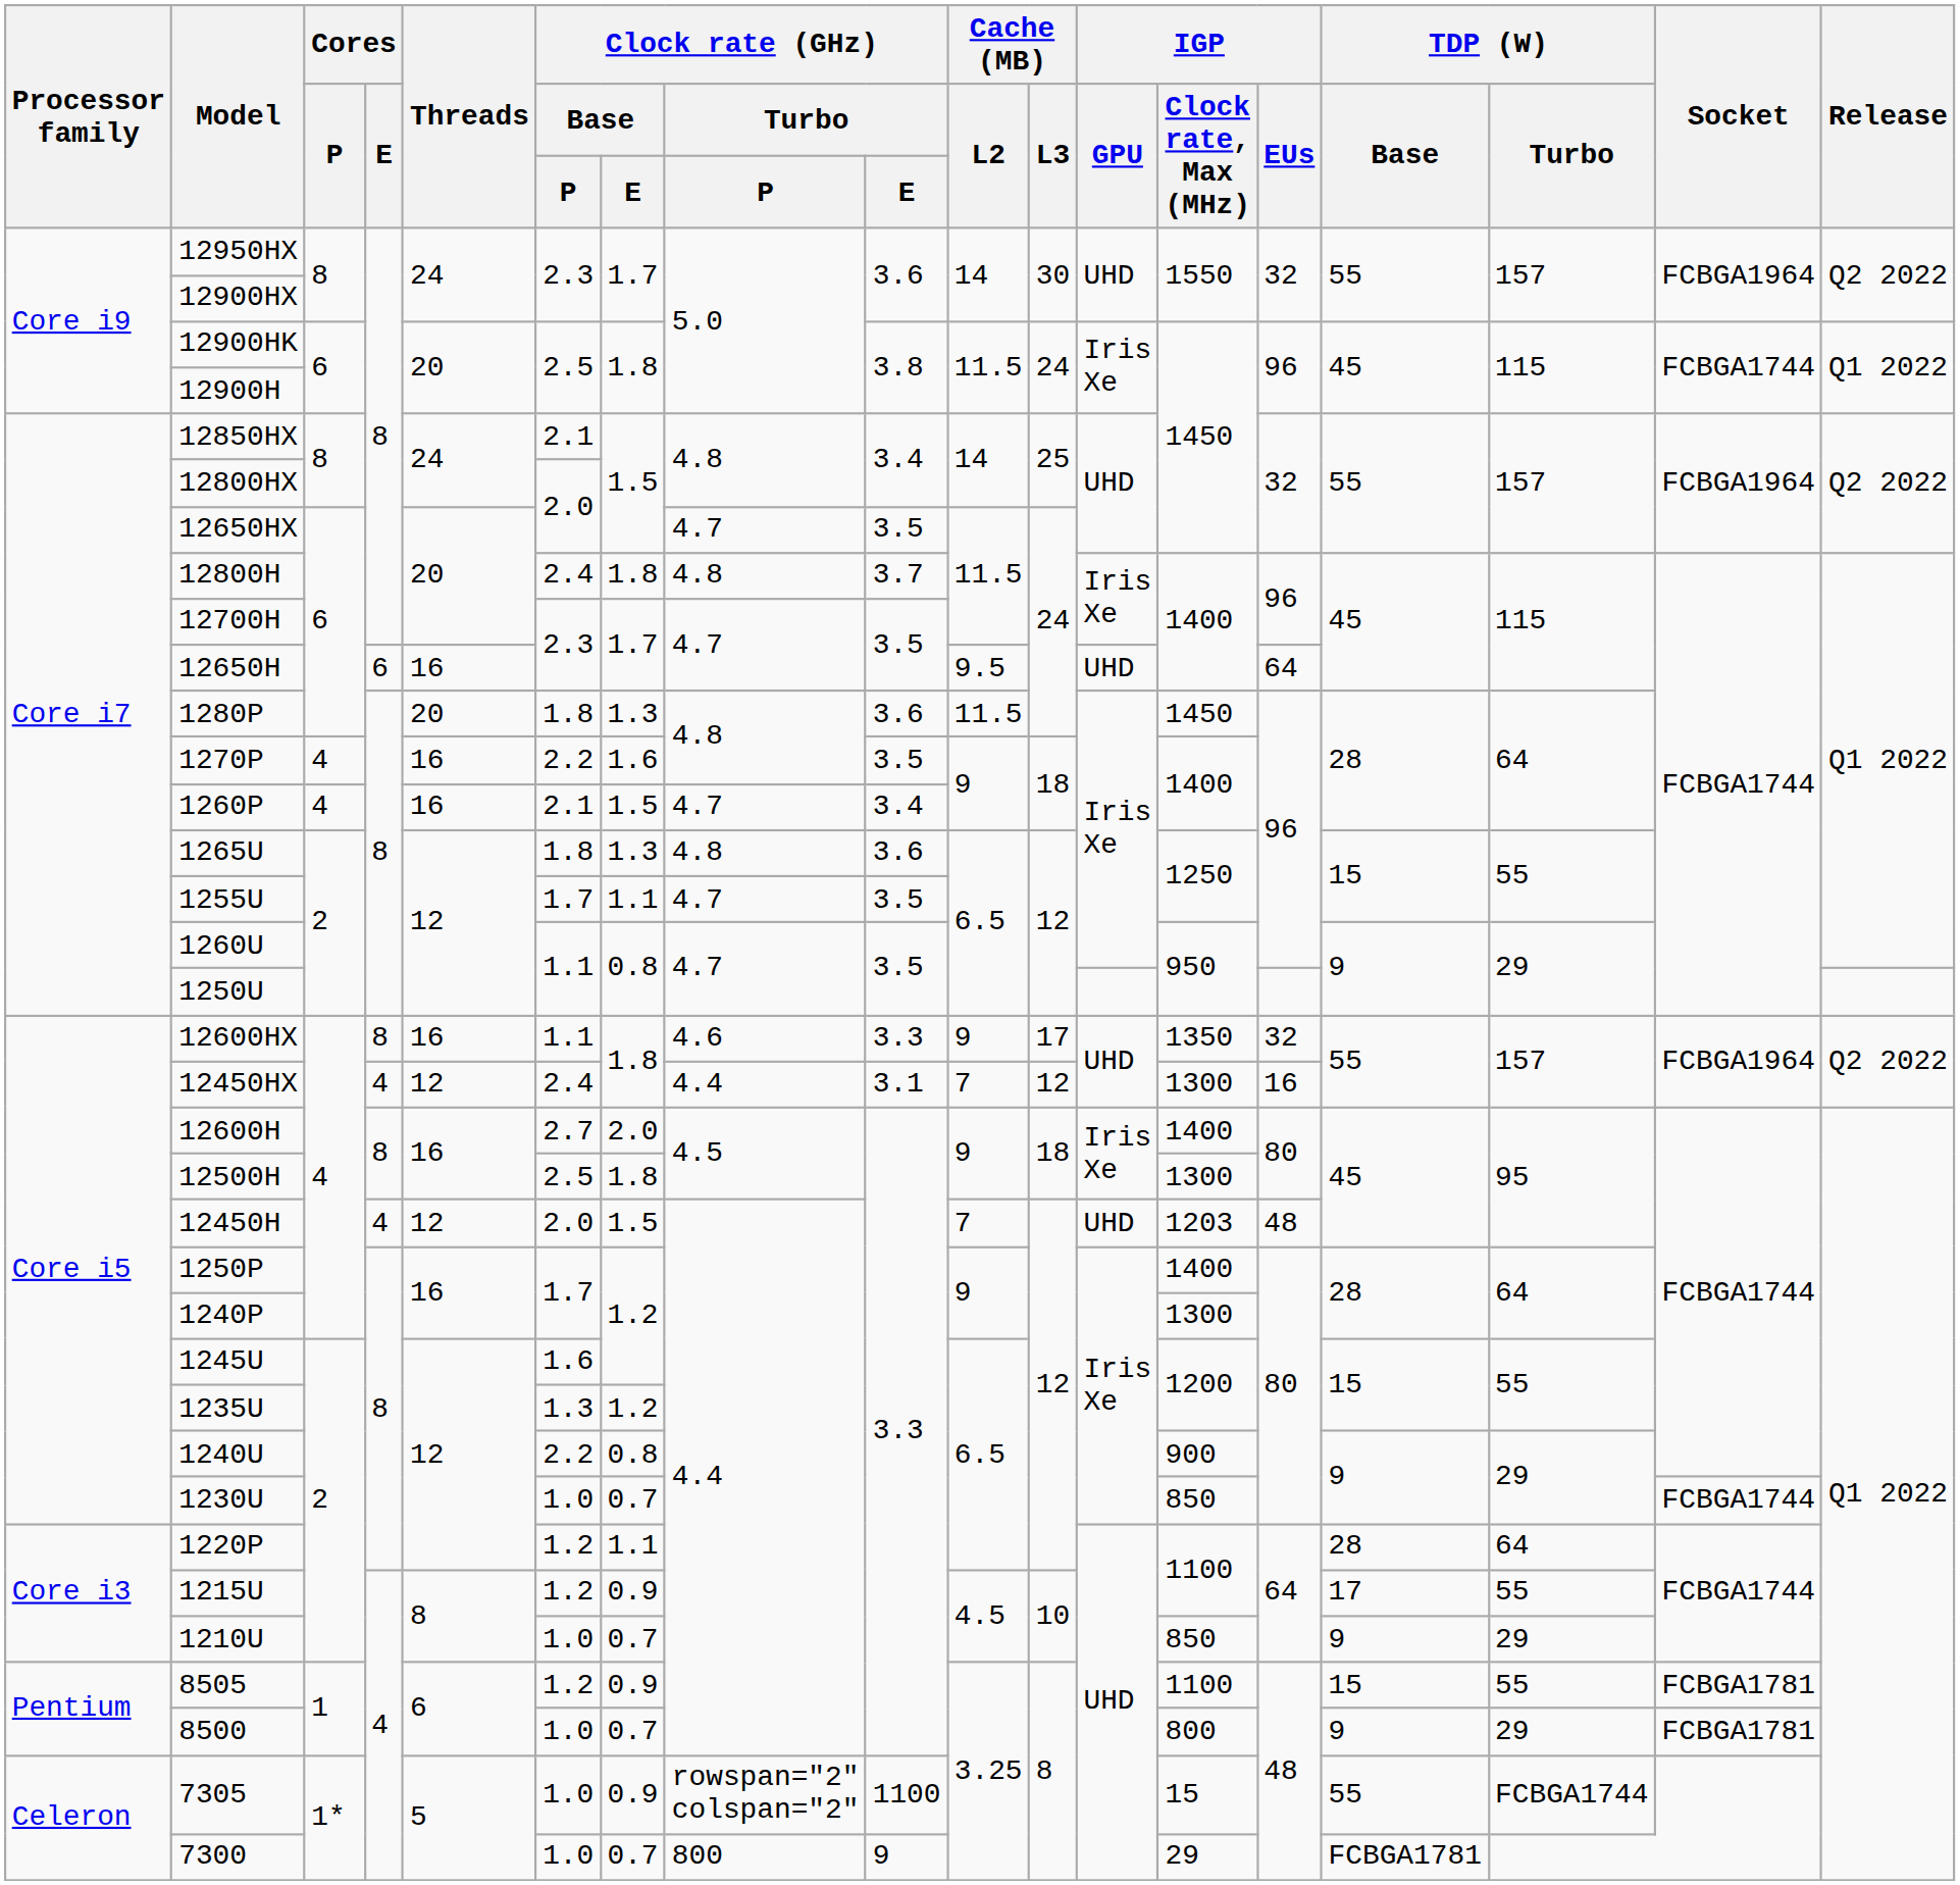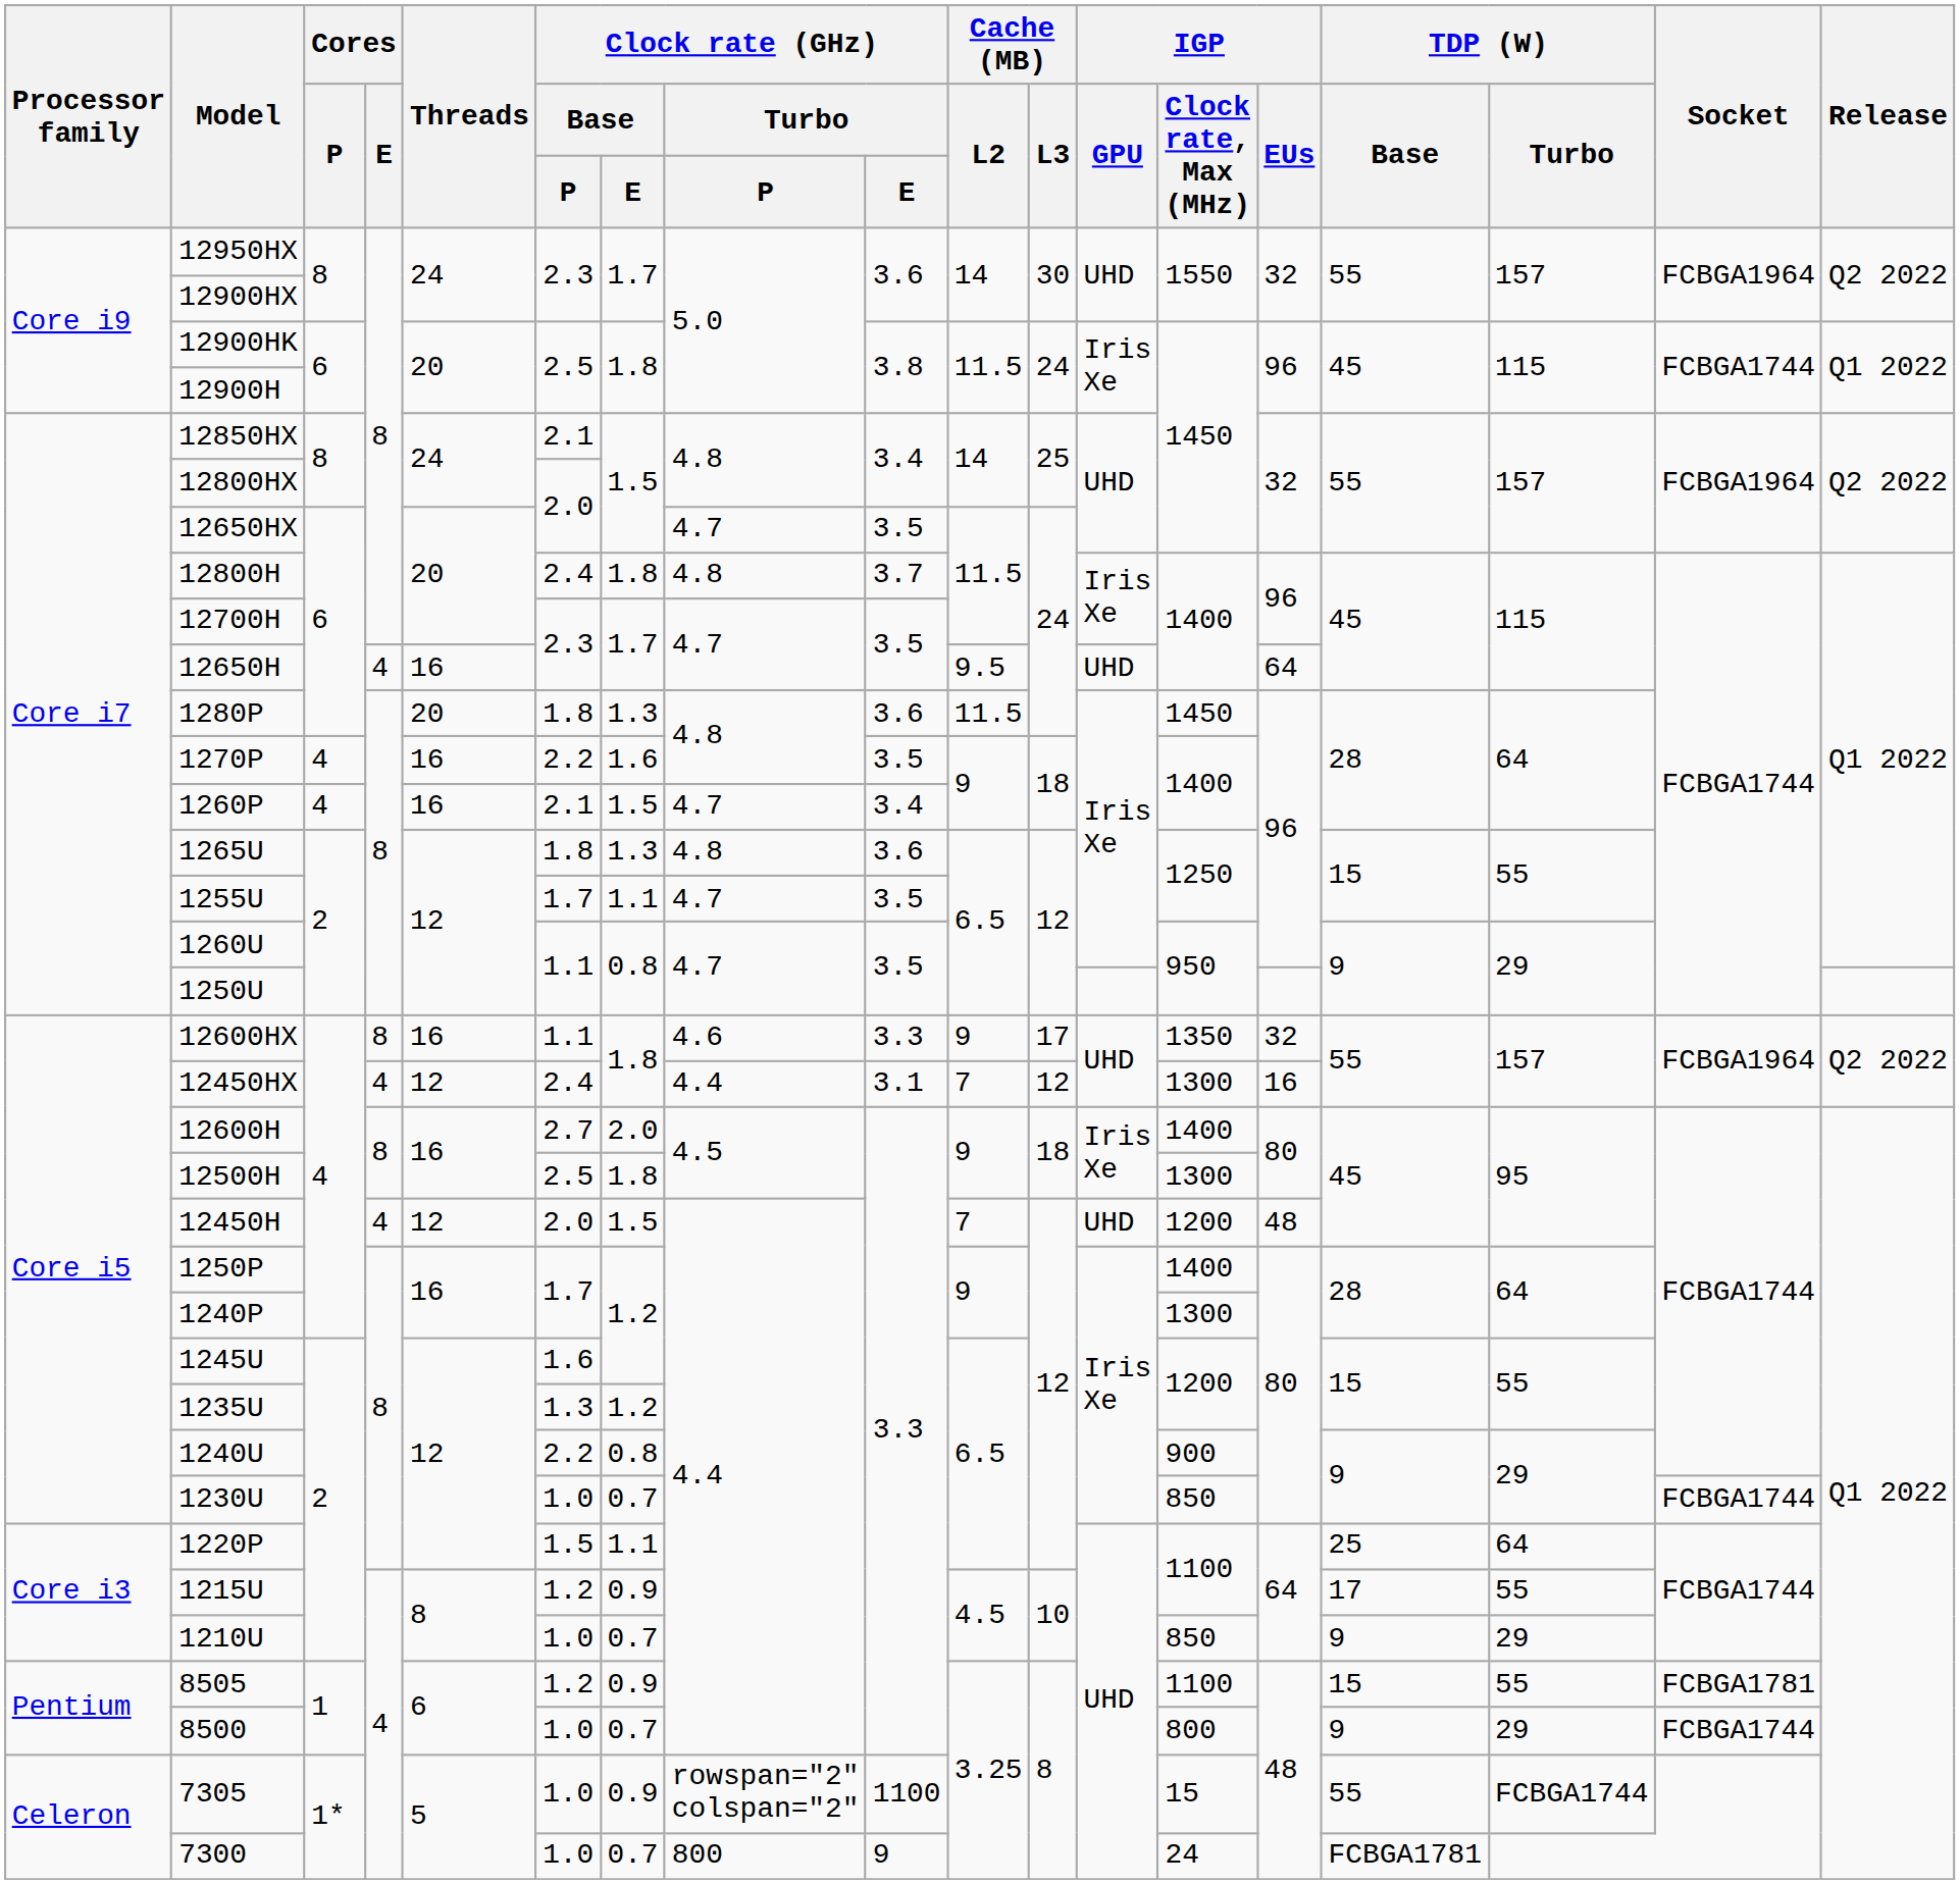 <table class="wikitable center sortable sort-under mw-collapsible">
 <tr>
 <th rowspan="3">Processor<br>family</th>
 <th rowspan="3" data-sort-type="text">Model</th>
 <th colspan="2" data-sort-type="number">Cores</th>
 <th rowspan="3" data-sort-type="number">Threads</th>
 <th colspan="4"><a href='#'>Clock rate</a> (GHz)</th>
 <th colspan="2"><a href='#'> Cache</a> (MB)</th>
 <th colspan="3"><a href='#'> IGP</a></th>
 <th colspan="2" data-sort-type="number"><a href='#'> TDP</a> (W)</th>
 <th rowspan="3" data-sort-type="text">Socket</th>
 <th rowspan="3" data-sort-type="date">Release</th>
 </tr>
 <tr>
 <th rowspan="2">P</th>
 <th rowspan="2">E</th>
 <th colspan="2" data-sort-type="number">Base</th>
 <th colspan="2" data-sort-type="number">Turbo</th>
 <th rowspan="2" data-sort-type="number">L2</th>
 <th rowspan="2" data-sort-type="number">L3</th>
 <th rowspan="2" data-sort-type="text"><a href='#'>GPU</a></th>
 <th rowspan="2"><a href='#'>Clock rate</a>, Max (MHz)</th>
 <th rowspan="2"><a href='#'>EUs</a></th>
 <th rowspan="2">Base</th>
 <th rowspan="2">Turbo</th>
 </tr>
 <tr>
 <th>P</th>
 <th>E</th>
 <th>P</th>
 <th>E</th>
 </tr>
 <tr>
 <td rowspan="4"><a href='#'>Core i9</a></td>
 <td>12950HX</td>
 <td rowspan="2">8</td>
 <td rowspan="9">8</td>
 <td rowspan="2">24</td>
 <td rowspan="2">2.3</td>
 <td rowspan="2">1.7</td>
 <td rowspan="4">5.0</td>
 <td rowspan="2">3.6</td>
 <td rowspan="2">14</td>
 <td rowspan="2">30</td>
 <td rowspan="2">UHD</td>
 <td rowspan="2">1550</td>
 <td rowspan="2">32</td>
 <td rowspan="2">55</td>
 <td rowspan="2">157</td>
 <td rowspan="2">FCBGA1964</td>
 <td rowspan="2">Q2 2022</td>
 </tr>
 <tr>
 <td>12900HX</td>
 </tr>
 <tr>
 <td>12900HK</td>
 <td rowspan="2">6</td>
 <td rowspan="2">20</td>
 <td rowspan="2">2.5</td>
 <td rowspan="2">1.8</td>
 <td rowspan="2">3.8</td>
 <td rowspan="2">11.5</td>
 <td rowspan="2">24</td>
 <td rowspan="2">Iris Xe</td>
 <td rowspan="5">1450</td>
 <td rowspan="2">96</td>
 <td rowspan="2">45</td>
 <td rowspan="2">115</td>
 <td rowspan="2">FCBGA1744</td>
 <td rowspan="2">Q1 2022</td>
 </tr>
 <tr>
 <td>12900H</td>
 </tr>
 <tr>
 <td rowspan="13"><a href='#'>Core i7</a></td>
 <td>12850HX</td>
 <td rowspan="2">8</td>
 <td rowspan="2">24</td>
 <td>2.1</td>
 <td rowspan="3">1.5</td>
 <td rowspan="2">4.8</td>
 <td rowspan="2">3.4</td>
 <td rowspan="2">14</td>
 <td rowspan="2">25</td>
 <td rowspan="3">UHD</td>
 <td rowspan="3">32</td>
 <td rowspan="3">55</td>
 <td rowspan="3">157</td>
 <td rowspan="3">FCBGA1964</td>
 <td rowspan="3">Q2 2022</td>
 </tr>
 <tr>
 <td>12800HX</td>
 <td rowspan="2">2.0</td>
 </tr>
 <tr>
 <td>12650HX</td>
 <td rowspan="5">6</td>
 <td rowspan="3">20</td>
 <td>4.7</td>
 <td>3.5</td>
 <td rowspan="3">11.5</td>
 <td rowspan="5">24</td>
 </tr>
 <tr>
 <td>12800H</td>
 <td>2.4</td>
 <td>1.8</td>
 <td>4.8</td>
 <td>3.7</td>
 <td rowspan="2">Iris Xe</td>
 <td rowspan="3">1400</td>
 <td rowspan="2">96</td>
 <td rowspan="3">45</td>
 <td rowspan="3">115</td>
 <td rowspan="10">FCBGA1744</td>
 <td rowspan="9">Q1 2022</td>
 </tr>
 <tr>
 <td>12700H</td>
 <td rowspan="2">2.3</td>
 <td rowspan="2">1.7</td>
 <td rowspan="2">4.7</td>
 <td rowspan="2">3.5</td>
 </tr>
 <tr>
 <td>12650H</td>
-<td>6</td>
+<td>4</td>
 <td>16</td>
 <td>9.5</td>
 <td>UHD</td>
 <td>64</td>
 </tr>
 <tr>
 <td>1280P</td>
 <td rowspan="7">8</td>
 <td>20</td>
 <td>1.8</td>
 <td>1.3</td>
 <td rowspan="2">4.8</td>
 <td>3.6</td>
 <td>11.5</td>
 <td rowspan="6">Iris Xe</td>
 <td>1450</td>
 <td rowspan="6">96</td>
 <td rowspan="3">28</td>
 <td rowspan="3">64</td>
 </tr>
 <tr>
 <td>1270P</td>
 <td>4</td>
 <td>16</td>
 <td>2.2</td>
 <td>1.6</td>
 <td>3.5</td>
 <td rowspan="2">9</td>
 <td rowspan="2">18</td>
 <td rowspan="2">1400</td>
 </tr>
 <tr>
 <td>1260P</td>
 <td>4</td>
 <td>16</td>
 <td>2.1</td>
 <td>1.5</td>
 <td>4.7</td>
 <td>3.4</td>
 </tr>
 <tr>
 <td>1265U</td>
 <td rowspan="4">2</td>
 <td rowspan="4">12</td>
 <td>1.8</td>
 <td>1.3</td>
 <td>4.8</td>
 <td>3.6</td>
 <td rowspan="4">6.5</td>
 <td rowspan="4">12</td>
 <td rowspan="2">1250</td>
 <td rowspan="2">15</td>
 <td rowspan="2">55</td>
 </tr>
 <tr>
 <td>1255U</td>
 <td>1.7</td>
 <td>1.1</td>
 <td>4.7</td>
 <td>3.5</td>
 </tr>
 <tr>
 <td>1260U</td>
 <td rowspan="2">1.1</td>
 <td rowspan="2">0.8</td>
 <td rowspan="2">4.7</td>
 <td rowspan="2">3.5</td>
 <td rowspan="2">950</td>
 <td rowspan="2">9</td>
 <td rowspan="2">29</td>
 </tr>
 <tr>
 <td>1250U</td>
 </tr>
 <tr>
 <td rowspan="11"><a href='#'>Core i5</a></td>
 <td>12600HX</td>
 <td rowspan="7">4</td>
 <td>8</td>
 <td>16</td>
 <td>1.1</td>
 <td rowspan="2">1.8</td>
 <td>4.6</td>
 <td>3.3</td>
 <td>9</td>
 <td>17</td>
 <td rowspan="2">UHD</td>
 <td>1350</td>
 <td>32</td>
 <td rowspan="2">55</td>
 <td rowspan="2">157</td>
 <td rowspan="2">FCBGA1964</td>
 <td rowspan="2">Q2 2022</td>
 </tr>
 <tr>
 <td>12450HX</td>
 <td>4</td>
 <td>12</td>
 <td>2.4</td>
 <td>4.4</td>
 <td>3.1</td>
 <td>7</td>
 <td>12</td>
 <td>1300</td>
 <td>16</td>
 </tr>
 <tr>
 <td>12600H</td>
 <td rowspan="2">8</td>
 <td rowspan="2">16</td>
 <td>2.7</td>
 <td>2.0</td>
 <td rowspan="2">4.5</td>
 <td rowspan="14">3.3</td>
 <td rowspan="2">9</td>
 <td rowspan="2">18</td>
 <td rowspan="2">Iris Xe</td>
 <td>1400</td>
 <td rowspan="2">80</td>
 <td rowspan="3">45</td>
 <td rowspan="3">95</td>
 <td rowspan="8">FCBGA1744</td>
 <td rowspan="16">Q1 2022</td>
 </tr>
 <tr>
 <td>12500H</td>
 <td>2.5</td>
 <td>1.8</td>
 <td>1300</td>
 </tr>
 <tr>
 <td>12450H</td>
 <td>4</td>
 <td>12</td>
 <td>2.0</td>
 <td>1.5</td>
 <td rowspan="12">4.4</td>
 <td>7</td>
 <td rowspan="8">12</td>
 <td>UHD</td>
-<td>1203</td>
+<td>1200</td>
 <td>48</td>
 </tr>
 <tr>
 <td>1250P</td>
 <td rowspan="7">8</td>
 <td rowspan="2">16</td>
 <td rowspan="2">1.7</td>
 <td rowspan="3">1.2</td>
 <td rowspan="2">9</td>
 <td rowspan="6">Iris Xe</td>
 <td>1400</td>
 <td rowspan="6">80</td>
 <td rowspan="2">28</td>
 <td rowspan="2">64</td>
 </tr>
 <tr>
 <td>1240P</td>
 <td>1300</td>
 </tr>
 <tr>
 <td>1245U</td>
 <td rowspan="7">2</td>
 <td rowspan="5">12</td>
 <td>1.6</td>
 <td rowspan="5">6.5</td>
 <td rowspan="2">1200</td>
 <td rowspan="2">15</td>
 <td rowspan="2">55</td>
 </tr>
 <tr>
 <td>1235U</td>
 <td>1.3</td>
 <td>1.2</td>
 </tr>
 <tr>
 <td>1240U</td>
 <td>2.2</td>
 <td>0.8</td>
 <td>900</td>
 <td rowspan="2">9</td>
 <td rowspan="2">29</td>
 </tr>
 <tr>
 <td>1230U</td>
 <td>1.0</td>
 <td>0.7</td>
 <td>850</td>
 <td>FCBGA1744</td>
 </tr>
 <tr>
 <td rowspan="3"><a href='#'>Core i3</a></td>
 <td>1220P</td>
-<td>1.2</td>
+<td>1.5</td>
 <td>1.1</td>
 <td rowspan="7">UHD</td>
 <td rowspan="2">1100</td>
 <td rowspan="3">64</td>
-<td>28</td>
+<td>25</td>
 <td>64</td>
 <td rowspan="3">FCBGA1744</td>
 </tr>
 <tr>
 <td>1215U</td>
 <td rowspan="6">4</td>
 <td rowspan="2">8</td>
 <td>1.2</td>
 <td>0.9</td>
 <td rowspan="2">4.5</td>
 <td rowspan="2">10</td>
 <td>17</td>
 <td>55</td>
 </tr>
 <tr>
 <td>1210U</td>
 <td>1.0</td>
 <td>0.7</td>
 <td>850</td>
 <td>9</td>
 <td>29</td>
 </tr>
 <tr>
 <td rowspan="2"><a href='#'>Pentium</a></td>
 <td>8505</td>
 <td rowspan="2">1</td>
 <td rowspan="2">6</td>
 <td>1.2</td>
 <td>0.9</td>
 <td rowspan="4">3.25</td>
 <td rowspan="4">8</td>
 <td>1100</td>
 <td rowspan="4">48</td>
 <td>15</td>
 <td>55</td>
 <td>FCBGA1781</td>
 </tr>
 <tr>
 <td>8500</td>
 <td>1.0</td>
 <td>0.7</td>
 <td>800</td>
 <td>9</td>
 <td>29</td>
-<td>FCBGA1781</td>
+<td>FCBGA1744</td>
 </tr>
 <tr>
 <td rowspan="2"><a href='#'>Celeron</a></td>
 <td>7305</td>
 <td rowspan="2">1*</td>
 <td rowspan="2">5</td>
 <td>1.0</td>
 <td>0.9</td>
 <td>rowspan="2" colspan="2" </td>
 <td>1100</td>
 <td>15</td>
 <td>55</td>
 <td>FCBGA1744</td>
 </tr>
 <tr>
 <td>7300</td>
 <td>1.0</td>
 <td>0.7</td>
 <td>800</td>
 <td>9</td>
-<td>29</td>
+<td>24</td>
 <td>FCBGA1781</td>
 </tr>
 </table>
